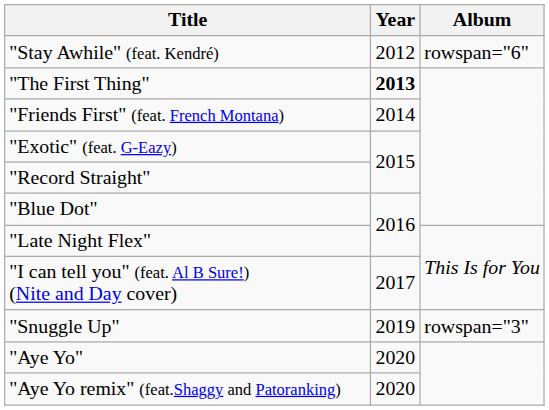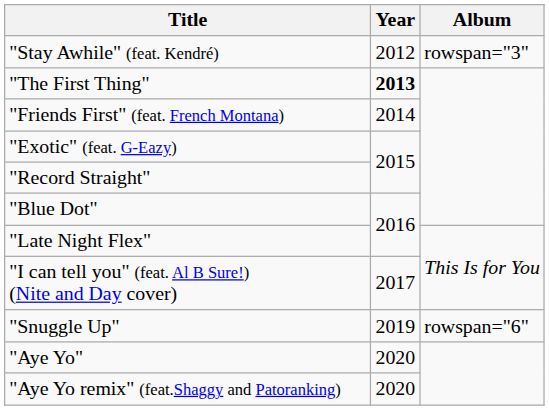 <table class="wikitable plainrowheaders" style="text-align:left;">
 <tr>
 <th scope="col" style="width:18em;">Title</th>
 <th scope="col">Year</th>
 <th scope="col">Album</th>
 </tr>
 <tr>
 <td>"Stay Awhile" <small>(feat. Kendré)</small></td>
 <td>2012</td>
-<td>rowspan="6" </td>
+<td>rowspan="3" </td>
 </tr>
 <tr>
 <td>"The First Thing"</td>
 <td><strong>2013</strong></td>
 </tr>
 <tr>
 <td>"Friends First" <small>(feat. <a href='#'>French Montana</a>)</small></td>
 <td>2014</td>
 </tr>
 <tr>
 <td>"Exotic" <small>(feat. <a href='#'>G-Eazy</a>)</small></td>
 <td rowspan="2">2015</td>
 </tr>
 <tr>
 <td>"Record Straight"</td>
 </tr>
 <tr>
 <td>"Blue Dot"</td>
 <td rowspan="2">2016</td>
 </tr>
 <tr>
 <td>"Late Night Flex"</td>
 <td rowspan="2"><em>This Is for You</em></td>
 </tr>
 <tr>
 <td>"I can tell you" <small>(feat. <a href='#'>Al B Sure!</a>)</small><br>(<a href='#'>Nite and Day</a> cover)</td>
 <td>2017</td>
 </tr>
 <tr>
 <td>"Snuggle Up"</td>
 <td>2019</td>
-<td>rowspan="3" </td>
+<td>rowspan="6" </td>
 </tr>
 <tr>
 <td>"Aye Yo"</td>
 <td>2020</td>
 </tr>
 <tr>
 <td>"Aye Yo remix" <small>(feat.<a href='#'>Shaggy</a> and <a href='#'>Patoranking</a>)</small></td>
 <td>2020</td>
 </tr>
 </table>
